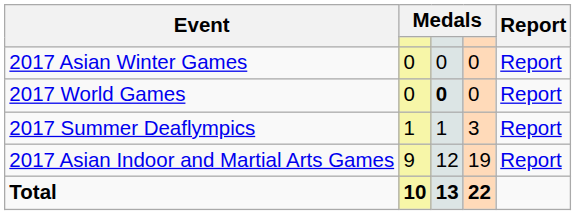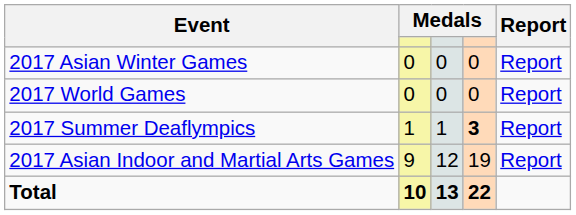 <table class=wikitable>
 <tr>
 <th rowspan=2>Event</th>
 <th colspan=3>Medals</th>
 <th rowspan=2>Report</th>
 </tr>
 <tr>
 <th style="background:#f7f6a8;"></th>
 <th style="background:#dce5e5;"></th>
 <th style="background:#ffdab9;"></th>
 </tr>
 <tr>
 <td><a href='#'>2017 Asian Winter Games</a></td>
 <td style="background:#f7f6a8;">0</td>
 <td style="background:#dce5e5;">0</td>
 <td style="background:#ffdab9;">0</td>
 <td><a href='#'>Report</a></td>
 </tr>
 <tr>
 <td><a href='#'>2017 World Games</a></td>
 <td style="background:#f7f6a8;">0</td>
-<td style="background:#dce5e5;"><strong>0</strong></td>
+<td style="background:#dce5e5;">0</td>
 <td style="background:#ffdab9;">0</td>
 <td><a href='#'>Report</a></td>
 </tr>
 <tr>
 <td><a href='#'>2017 Summer Deaflympics</a></td>
 <td style="background:#f7f6a8;">1</td>
 <td style="background:#dce5e5;">1</td>
-<td style="background:#ffdab9;">3</td>
+<td style="background:#ffdab9;"><strong>3</strong></td>
 <td><a href='#'>Report</a></td>
 </tr>
 <tr>
 <td><a href='#'>2017 Asian Indoor and Martial Arts Games</a></td>
 <td style="background:#f7f6a8;">9</td>
 <td style="background:#dce5e5;">12</td>
 <td style="background:#ffdab9;">19</td>
 <td><a href='#'>Report</a></td>
 </tr>
 <tr>
 <td><strong>Total</strong></td>
 <td style="background:#f7f6a8;"><strong>10</strong></td>
 <td style="background:#dce5e5;"><strong>13</strong></td>
 <td style="background:#ffdab9;"><strong>22</strong></td>
 <td></td>
 </tr>
 </table>
